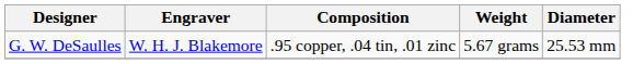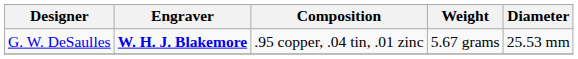 <table class="wikitable">
 <tr>
 <th>Designer</th>
 <th>Engraver</th>
 <th>Composition</th>
 <th>Weight</th>
 <th>Diameter</th>
 </tr>
 <tr>
 <td><a href='#'>G. W. DeSaulles</a></td>
-<td><a href='#'>W. H. J. Blakemore</a></td>
+<td><strong><a href='#'>W. H. J. Blakemore</a></strong></td>
 <td>.95 copper, .04 tin, .01 zinc</td>
 <td>5.67 grams</td>
 <td>25.53 mm</td>
 </tr>
 <tr>
 </tr>
 </table>
